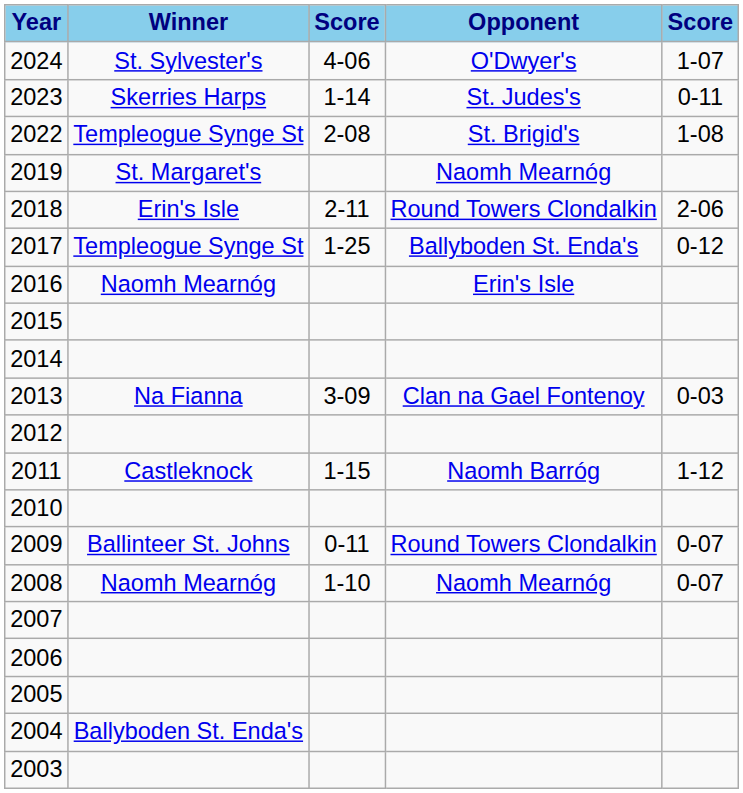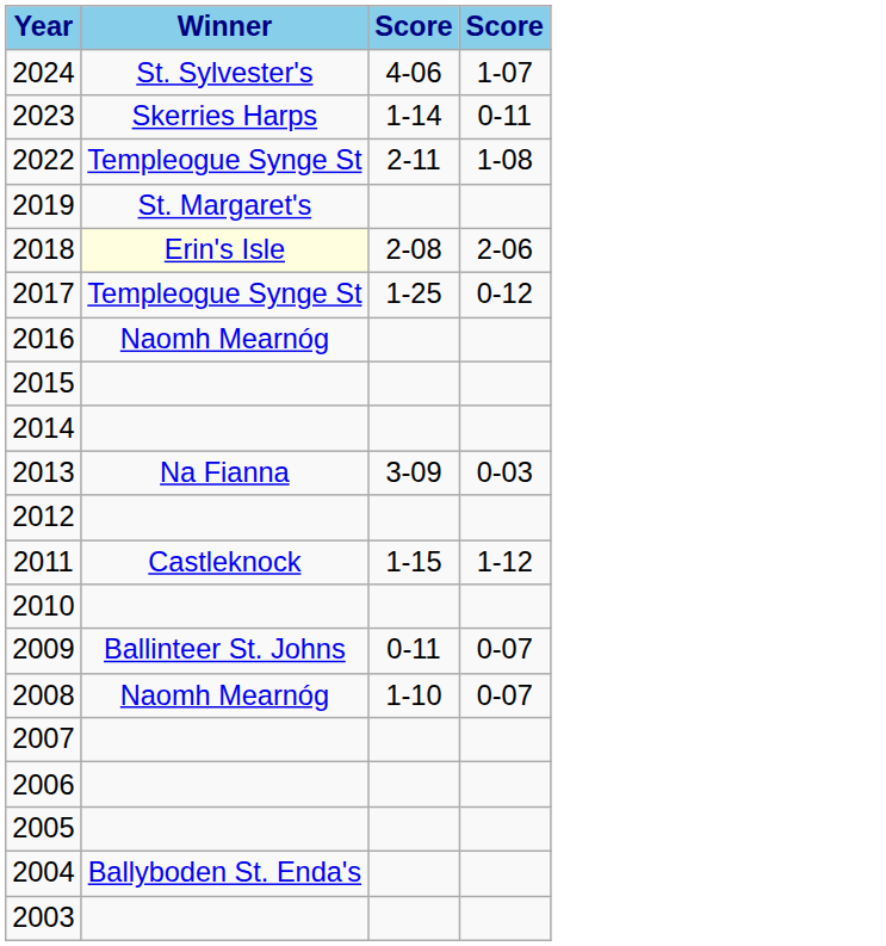 <table class="wikitable" style="text-align:center;">
 <tr>
 <th style="background:skyblue;color:navy;">Year</th>
 <th style="background:skyblue;color:navy;">Winner</th>
 <th style="background:skyblue;color:navy;">Score</th>
-<th style="background:skyblue;color:navy;">Opponent</th>
 <th style="background:skyblue;color:navy;">Score</th>
 </tr>
 <tr>
 <td>2024</td>
 <td><a href='#'>St. Sylvester's</a></td>
 <td>4-06</td>
-<td><a href='#'>O'Dwyer's</a></td>
 <td>1-07</td>
 </tr>
 <tr>
 <td>2023</td>
 <td><a href='#'>Skerries Harps</a></td>
 <td>1-14</td>
-<td><a href='#'>St. Judes's</a></td>
 <td>0-11</td>
 </tr>
 <tr>
 <td>2022</td>
 <td><a href='#'>Templeogue Synge St</a></td>
-<td>2-08</td>
-<td><a href='#'>St. Brigid's</a></td>
+<td>2-11</td>
 <td>1-08</td>
 </tr>
 <tr>
 <td>2019</td>
 <td><a href='#'>St. Margaret's</a></td>
 <td></td>
-<td><a href='#'>Naomh Mearnóg</a></td>
 <td></td>
 </tr>
 <tr>
 <td>2018</td>
-<td><a href='#'>Erin's Isle</a></td>
-<td>2-11</td>
-<td><a href='#'>Round Towers Clondalkin</a></td>
+<td style="background: lightyellow;"><a href='#'>Erin's Isle</a></td>
+<td>2-08</td>
 <td>2-06</td>
 </tr>
 <tr>
 <td>2017</td>
 <td><a href='#'>Templeogue Synge St</a></td>
 <td>1-25</td>
-<td><a href='#'>Ballyboden St. Enda's</a></td>
 <td>0-12</td>
 </tr>
 <tr>
 <td>2016</td>
 <td><a href='#'>Naomh Mearnóg</a></td>
 <td></td>
-<td><a href='#'>Erin's Isle</a></td>
 <td></td>
 </tr>
 <tr>
 <td>2015</td>
-<td></td>
 <td></td>
 <td></td>
 <td></td>
 </tr>
 <tr>
 <td>2014</td>
 <td></td>
 <td></td>
 <td></td>
-<td></td>
 </tr>
 <tr>
 <td>2013</td>
 <td><a href='#'>Na Fianna</a></td>
 <td>3-09</td>
-<td><a href='#'>Clan na Gael Fontenoy</a></td>
 <td>0-03</td>
 </tr>
 <tr>
 <td>2012</td>
-<td></td>
 <td></td>
 <td></td>
 <td></td>
 </tr>
 <tr>
 <td>2011</td>
 <td><a href='#'>Castleknock</a></td>
 <td>1-15</td>
-<td><a href='#'>Naomh Barróg</a></td>
 <td>1-12</td>
 </tr>
 <tr>
 <td>2010</td>
-<td></td>
 <td></td>
 <td></td>
 <td></td>
 </tr>
 <tr>
 <td>2009</td>
 <td><a href='#'>Ballinteer St. Johns</a></td>
 <td>0-11</td>
-<td><a href='#'>Round Towers Clondalkin</a></td>
 <td>0-07</td>
 </tr>
 <tr>
 <td>2008</td>
 <td><a href='#'>Naomh Mearnóg</a></td>
 <td>1-10</td>
-<td><a href='#'>Naomh Mearnóg</a></td>
 <td>0-07</td>
 </tr>
 <tr>
 <td>2007</td>
-<td></td>
 <td></td>
 <td></td>
 <td></td>
 </tr>
 <tr>
 <td>2006</td>
 <td></td>
 <td></td>
 <td></td>
-<td></td>
 </tr>
 <tr>
 <td>2005</td>
-<td></td>
 <td></td>
 <td></td>
 <td></td>
 </tr>
 <tr>
 <td>2004</td>
 <td><a href='#'>Ballyboden St. Enda's</a></td>
 <td></td>
 <td></td>
-<td></td>
 </tr>
 <tr>
 <td>2003</td>
 <td></td>
 <td></td>
 <td></td>
-<td></td>
 </tr>
 </table>
